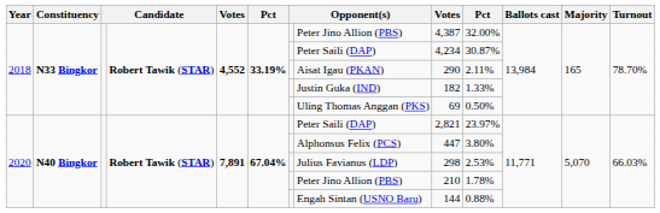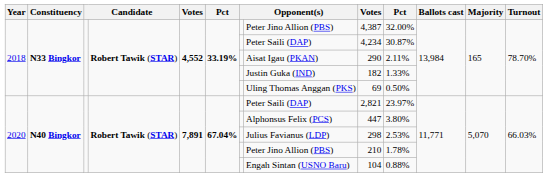 <table class="wikitable" style="margin:0.5em ; font-size:95%">
 <tr>
 <th>Year</th>
 <th>Constituency</th>
 <th colspan=2>Candidate</th>
 <th>Votes</th>
 <th>Pct</th>
 <th colspan=2>Opponent(s)</th>
 <th>Votes</th>
 <th>Pct</th>
 <th>Ballots cast</th>
 <th>Majority</th>
 <th>Turnout</th>
 </tr>
 <tr>
 <td rowspan=5><a href='#'>2018</a></td>
 <td rowspan=5><strong>N33 <a href='#'>Bingkor</a></strong></td>
 <td rowspan=5 ></td>
 <td rowspan=5><strong>Robert Tawik</strong> (<a href='#'><strong>STAR</strong></a>)</td>
 <td rowspan=5 align="right"><strong>4,552</strong></td>
 <td rowspan=5><strong>33.19%</strong></td>
 <td></td>
 <td>Peter Jino Allion (<a href='#'>PBS</a>)</td>
 <td align="right">4,387</td>
 <td>32.00%</td>
 <td rowspan=5>13,984</td>
 <td rowspan=5>165</td>
 <td rowspan=5>78.70%</td>
 </tr>
 <tr>
 <td></td>
 <td>Peter Saili (<a href='#'>DAP</a>)</td>
 <td align="right">4,234</td>
 <td>30.87%</td>
 </tr>
 <tr>
 <td></td>
 <td>Aisat Igau (<a href='#'>PKAN</a>)</td>
 <td align="right">290</td>
 <td>2.11%</td>
 </tr>
 <tr>
 <td></td>
 <td>Justin Guka (<a href='#'>IND</a>)</td>
 <td align="right">182</td>
 <td>1.33%</td>
 </tr>
 <tr>
 <td></td>
 <td>Uling Thomas Anggan (<a href='#'>PKS</a>)</td>
 <td align="right">69</td>
 <td>0.50%</td>
 </tr>
 <tr>
 <td rowspan=5><a href='#'>2020</a></td>
 <td rowspan=5><strong>N40 <a href='#'>Bingkor</a></strong></td>
 <td rowspan=5 ></td>
 <td rowspan=5><strong>Robert Tawik</strong> (<a href='#'><strong>STAR</strong></a>)</td>
 <td rowspan=5 align="right"><strong>7,891</strong></td>
 <td rowspan=5><strong>67.04%</strong></td>
 <td></td>
 <td>Peter Saili (<a href='#'>DAP</a>)</td>
 <td align="right">2,821</td>
 <td>23.97%</td>
 <td rowspan=5>11,771</td>
 <td rowspan=5>5,070</td>
 <td rowspan=5>66.03%</td>
 </tr>
 <tr>
 <td></td>
 <td>Alphonsus Felix (<a href='#'>PCS</a>)</td>
 <td align="right">447</td>
 <td>3.80%</td>
 </tr>
 <tr>
 <td></td>
 <td>Julius Favianus (<a href='#'>LDP</a>)</td>
 <td align="right">298</td>
 <td>2.53%</td>
 </tr>
 <tr>
 <td bgcolor=></td>
 <td>Peter Jino Allion (<a href='#'>PBS</a>)</td>
 <td align="right">210</td>
 <td>1.78%</td>
 </tr>
 <tr>
 <td bgcolor=></td>
 <td>Engah Sintan (<a href='#'>USNO Baru</a>)</td>
-<td align="right">144</td>
+<td align="right">104</td>
 <td>0.88%</td>
 </tr>
 </table>
